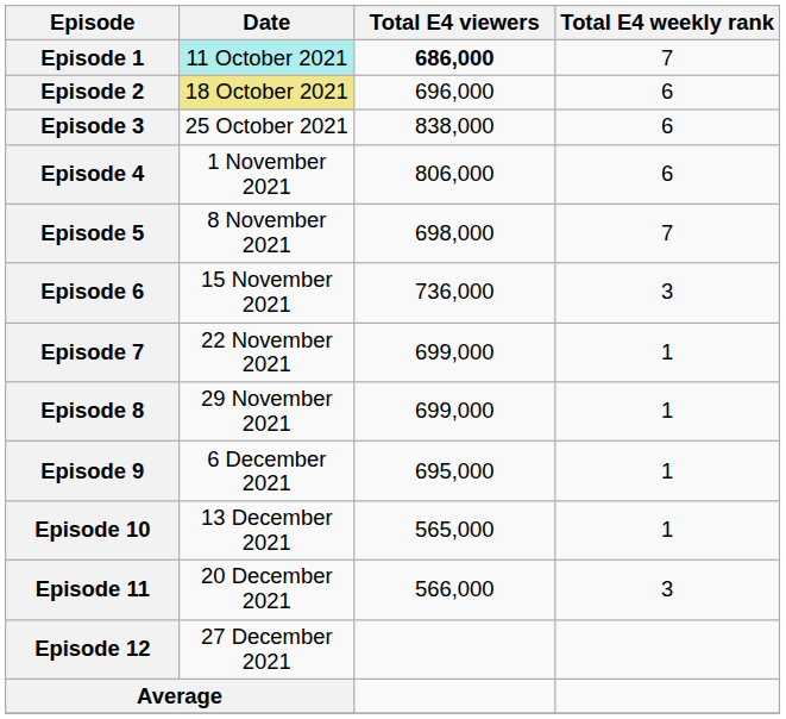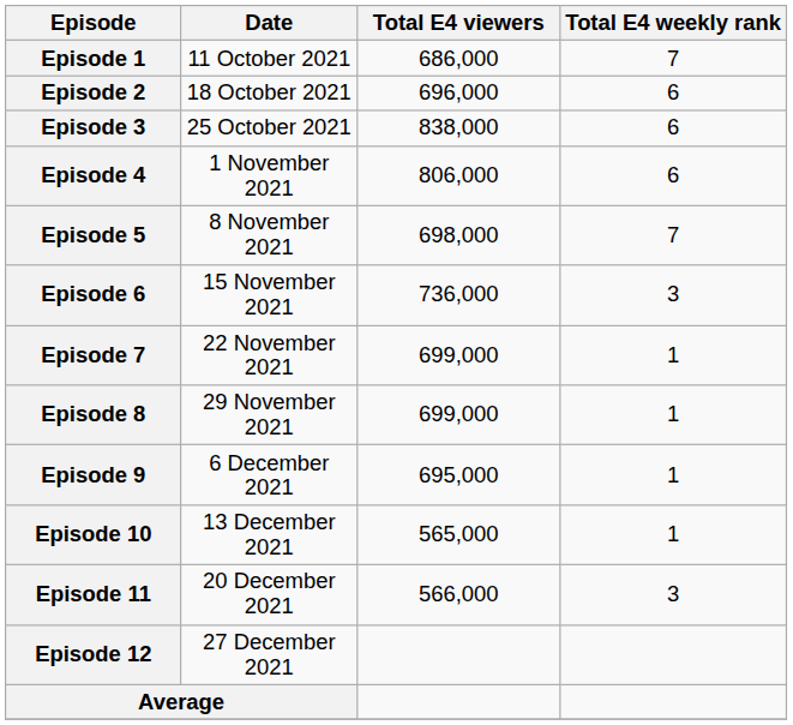 <table class="wikitable sortable" style="text-align:center">
 <tr>
 <th scope="col" style="width:120px;">Episode</th>
 <th scope="col" style="width:120px;">Date</th>
 <th scope="col" style="width:140px;">Total E4 viewers</th>
 <th>Total E4 weekly rank</th>
 </tr>
 <tr>
 <th scope="row">Episode 1</th>
-<td style="background: paleturquoise;">11 October 2021</td>
-<td><strong>686,000</strong></td>
+<td>11 October 2021</td>
+<td>686,000</td>
 <td>7</td>
 </tr>
 <tr>
 <th scope="row">Episode 2</th>
-<td style="background: khaki;">18 October 2021</td>
+<td>18 October 2021</td>
 <td>696,000</td>
 <td>6</td>
 </tr>
 <tr>
 <th scope="row">Episode 3</th>
 <td>25 October 2021</td>
 <td>838,000</td>
 <td>6</td>
 </tr>
 <tr>
 <th scope="row">Episode 4</th>
 <td>1 November 2021</td>
 <td>806,000</td>
 <td>6</td>
 </tr>
 <tr>
 <th scope="row">Episode 5</th>
 <td>8 November 2021</td>
 <td>698,000</td>
 <td>7</td>
 </tr>
 <tr>
 <th scope="row">Episode 6</th>
 <td>15 November 2021</td>
 <td>736,000</td>
 <td>3</td>
 </tr>
 <tr>
 <th scope="row">Episode 7</th>
 <td>22 November 2021</td>
 <td>699,000</td>
 <td>1</td>
 </tr>
 <tr>
 <th scope="row">Episode 8</th>
 <td>29 November 2021</td>
 <td>699,000</td>
 <td>1</td>
 </tr>
 <tr>
 <th scope="row">Episode 9</th>
 <td>6 December 2021</td>
 <td>695,000</td>
 <td>1</td>
 </tr>
 <tr>
 <th scope="row">Episode 10</th>
 <td>13 December 2021</td>
 <td>565,000</td>
 <td>1</td>
 </tr>
 <tr>
 <th scope="row">Episode 11</th>
 <td>20 December 2021</td>
 <td>566,000</td>
 <td>3</td>
 </tr>
 <tr>
 <th scope="row">Episode 12</th>
 <td>27 December 2021</td>
 <td></td>
 <td></td>
 </tr>
 <tr>
 <th scope="row" colspan="2">Average</th>
 <td></td>
 <td></td>
 </tr>
 <tr>
 </tr>
 </table>
